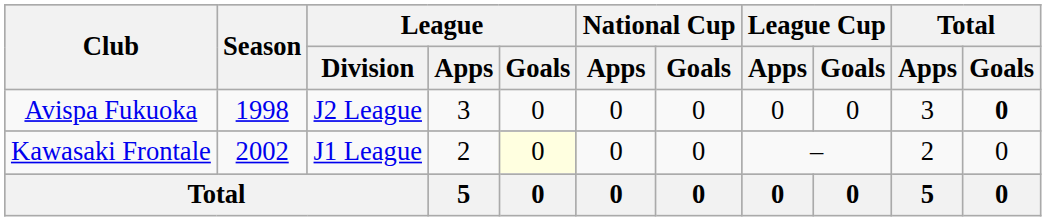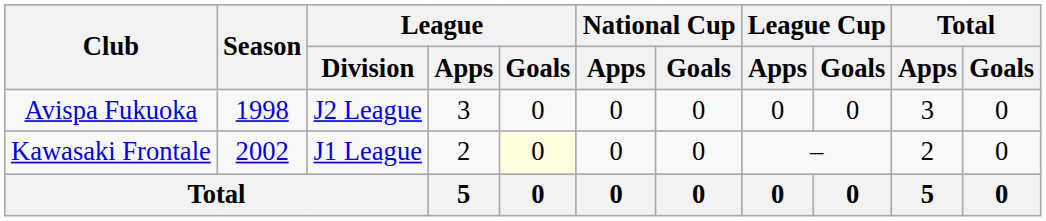 <table class="wikitable" style="text-align:center">
 <tr>
 <th rowspan="2">Club</th>
 <th rowspan="2">Season</th>
 <th colspan="3">League</th>
 <th colspan="2">National Cup</th>
 <th colspan="2">League Cup</th>
 <th colspan="2">Total</th>
 </tr>
 <tr>
 <th>Division</th>
 <th>Apps</th>
 <th>Goals</th>
 <th>Apps</th>
 <th>Goals</th>
 <th>Apps</th>
 <th>Goals</th>
 <th>Apps</th>
 <th>Goals</th>
 </tr>
 <tr>
 <td><a href='#'>Avispa Fukuoka</a></td>
 <td><a href='#'>1998</a></td>
 <td><a href='#'>J2 League</a></td>
 <td>3</td>
 <td>0</td>
 <td>0</td>
 <td>0</td>
 <td>0</td>
 <td>0</td>
 <td>3</td>
-<td><strong>0</strong></td>
+<td>0</td>
 </tr>
 <tr>
 <td><a href='#'>Kawasaki Frontale</a></td>
 <td><a href='#'>2002</a></td>
 <td><a href='#'>J1 League</a></td>
 <td>2</td>
 <td style="background: lightyellow;">0</td>
 <td>0</td>
 <td>0</td>
 <td colspan="2">–</td>
 <td>2</td>
 <td>0</td>
 </tr>
 <tr>
 <th colspan="3">Total</th>
 <th>5</th>
 <th>0</th>
 <th>0</th>
 <th>0</th>
 <th>0</th>
 <th>0</th>
 <th>5</th>
 <th>0</th>
 </tr>
 </table>
